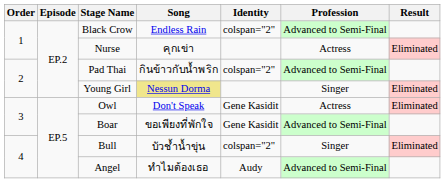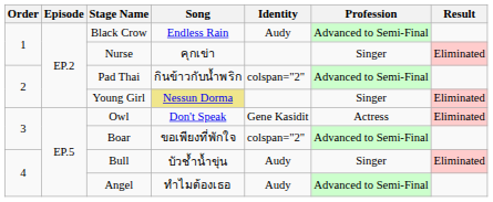 <table class="wikitable">
 <tr>
 <th>Order</th>
 <th>Episode</th>
 <th>Stage Name</th>
 <th>Song</th>
 <th>Identity</th>
 <th>Profession</th>
 <th>Result</th>
 </tr>
 <tr>
 <td rowspan="2" align="center">1</td>
 <td rowspan="4" align="center">EP.2</td>
 <td align="center">Black Crow</td>
 <td align="center"><a href='#'>Endless Rain</a></td>
-<td>colspan="2"  </td>
+<td align="center">Audy</td>
 <td align="center" style="background:#ccffcc">Advanced to Semi-Final</td>
 </tr>
 <tr>
 <td align="center">Nurse</td>
 <td align="center">คุกเข่า</td>
 <td align="center"></td>
-<td align="center">Actress</td>
+<td align="center">Singer</td>
 <td align="center" style="background:#ffcccc">Eliminated</td>
 </tr>
 <tr>
 <td rowspan="2" align="center">2</td>
 <td align="center">Pad Thai</td>
 <td align="center">กินข้าวกับน้ำพริก</td>
 <td>colspan="2" </td>
 <td align="center" style="background:#ccffcc">Advanced to Semi-Final</td>
 </tr>
 <tr>
 <td align="center">Young Girl</td>
 <td align="center" style="background: khaki;"><a href='#'>Nessun Dorma</a></td>
 <td align="center"></td>
 <td align="center">Singer</td>
 <td align="center" style="background:#ffcccc">Eliminated</td>
 </tr>
 <tr>
 <td rowspan="2" align="center">3</td>
 <td rowspan="4" align="center">EP.5</td>
 <td align="center">Owl</td>
 <td align="center"><a href='#'>Don't Speak</a></td>
 <td align="center">Gene Kasidit</td>
 <td align="center">Actress</td>
 <td align="center" style="background:#ffcccc">Eliminated</td>
 </tr>
 <tr>
 <td align="center">Boar</td>
 <td align="center">ขอเพียงที่พักใจ</td>
-<td align="center">Gene Kasidit</td>
+<td>colspan="2"  </td>
 <td align="center" style="background:#ccffcc">Advanced to Semi-Final</td>
 </tr>
 <tr>
 <td rowspan="2" align="center">4</td>
 <td align="center">Bull</td>
 <td align="center">บัวช้ำน้ำขุ่น</td>
-<td>colspan="2"  </td>
+<td align="center">Audy</td>
 <td align="center">Singer</td>
 <td align="center" style="background:#ffcccc">Eliminated</td>
 </tr>
 <tr>
 <td align="center">Angel</td>
 <td align="center">ทำไมต้องเธอ</td>
 <td align="center">Audy</td>
 <td align="center" style="background:#ccffcc">Advanced to Semi-Final</td>
 </tr>
 </table>
